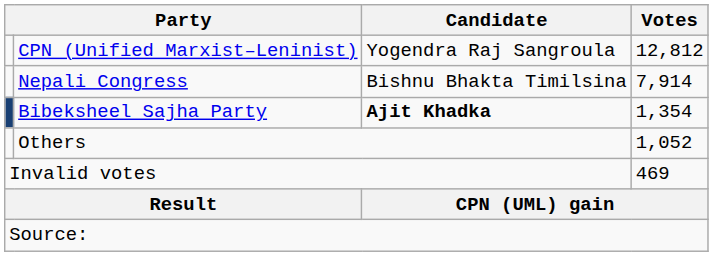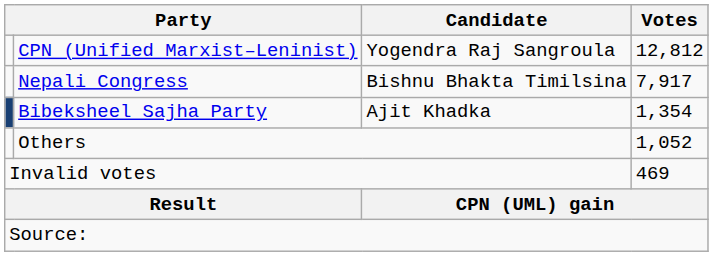 <table class="wikitable">
 <tr>
 <th colspan="2">Party</th>
 <th>Candidate</th>
 <th>Votes</th>
 </tr>
 <tr>
 <td style="background-color:"></td>
 <td><a href='#'>CPN (Unified Marxist–Leninist)</a></td>
 <td>Yogendra Raj Sangroula</td>
 <td>12,812</td>
 </tr>
 <tr>
 <td style="background-color:"></td>
 <td><a href='#'>Nepali Congress</a></td>
 <td>Bishnu Bhakta Timilsina</td>
-<td>7,914</td>
+<td>7,917</td>
 </tr>
 <tr>
 <td style="background-color:#183F73"></td>
 <td><a href='#'>Bibeksheel Sajha Party</a></td>
-<td><strong>Ajit Khadka</strong></td>
+<td>Ajit Khadka</td>
 <td>1,354</td>
 </tr>
 <tr>
 <td></td>
 <td colspan="2">Others</td>
 <td>1,052</td>
 </tr>
 <tr>
 <td colspan="3">Invalid votes</td>
 <td>469</td>
 </tr>
 <tr>
 <th colspan="2">Result</th>
 <th colspan="2">CPN (UML) gain</th>
 </tr>
 <tr>
 <td colspan="4">Source: </td>
 </tr>
 </table>
